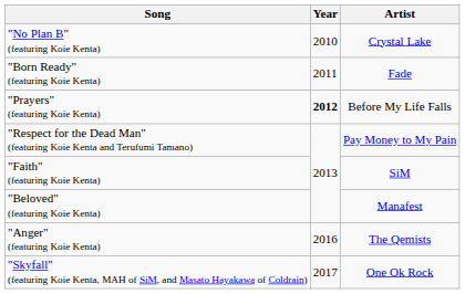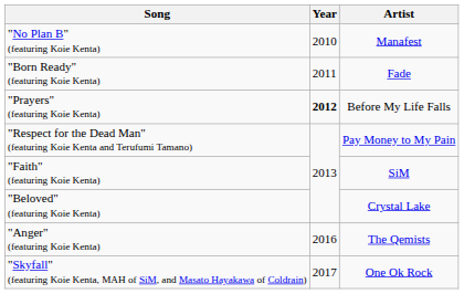 <table class="wikitable">
 <tr>
 <th>Song</th>
 <th>Year</th>
 <th>Artist</th>
 </tr>
 <tr>
 <td>"<a href='#'>No Plan B</a>"<br><small>(featuring Koie Kenta)</small></td>
 <td>2010</td>
-<td align="center"><a href='#'>Crystal Lake</a></td>
+<td align="center"><a href='#'>Manafest</a></td>
 </tr>
 <tr>
 <td>"Born Ready"<br><small>(featuring Koie Kenta)</small></td>
 <td>2011</td>
 <td align="center"><a href='#'>Fade</a></td>
 </tr>
 <tr>
 <td>"Prayers"<br><small>(featuring Koie Kenta)</small></td>
 <td><strong>2012</strong></td>
 <td align="center">Before My Life Falls</td>
 </tr>
 <tr>
 <td>"Respect for the Dead Man"<br><small>(featuring Koie Kenta and Terufumi Tamano)</small></td>
 <td rowspan=3>2013</td>
 <td align="center"><a href='#'>Pay Money to My Pain</a></td>
 </tr>
 <tr>
 <td>"Faith"<br><small>(featuring Koie Kenta)</small></td>
 <td align="center"><a href='#'>SiM</a></td>
 </tr>
 <tr>
 <td>"Beloved"<br><small>(featuring Koie Kenta)</small></td>
-<td align="center"><a href='#'>Manafest</a></td>
+<td align="center"><a href='#'>Crystal Lake</a></td>
 </tr>
 <tr>
 <td>"Anger"<br><small>(featuring Koie Kenta)</small></td>
 <td>2016</td>
 <td align="center"><a href='#'>The Qemists</a></td>
 </tr>
 <tr>
 <td>"<a href='#'>Skyfall</a>"<br><small>(featuring Koie Kenta, MAH of <a href='#'>SiM</a>, and <a href='#'>Masato Hayakawa</a> of <a href='#'>Coldrain</a>)</small></td>
 <td>2017</td>
 <td align="center"><a href='#'>One Ok Rock</a></td>
 </tr>
 </table>
